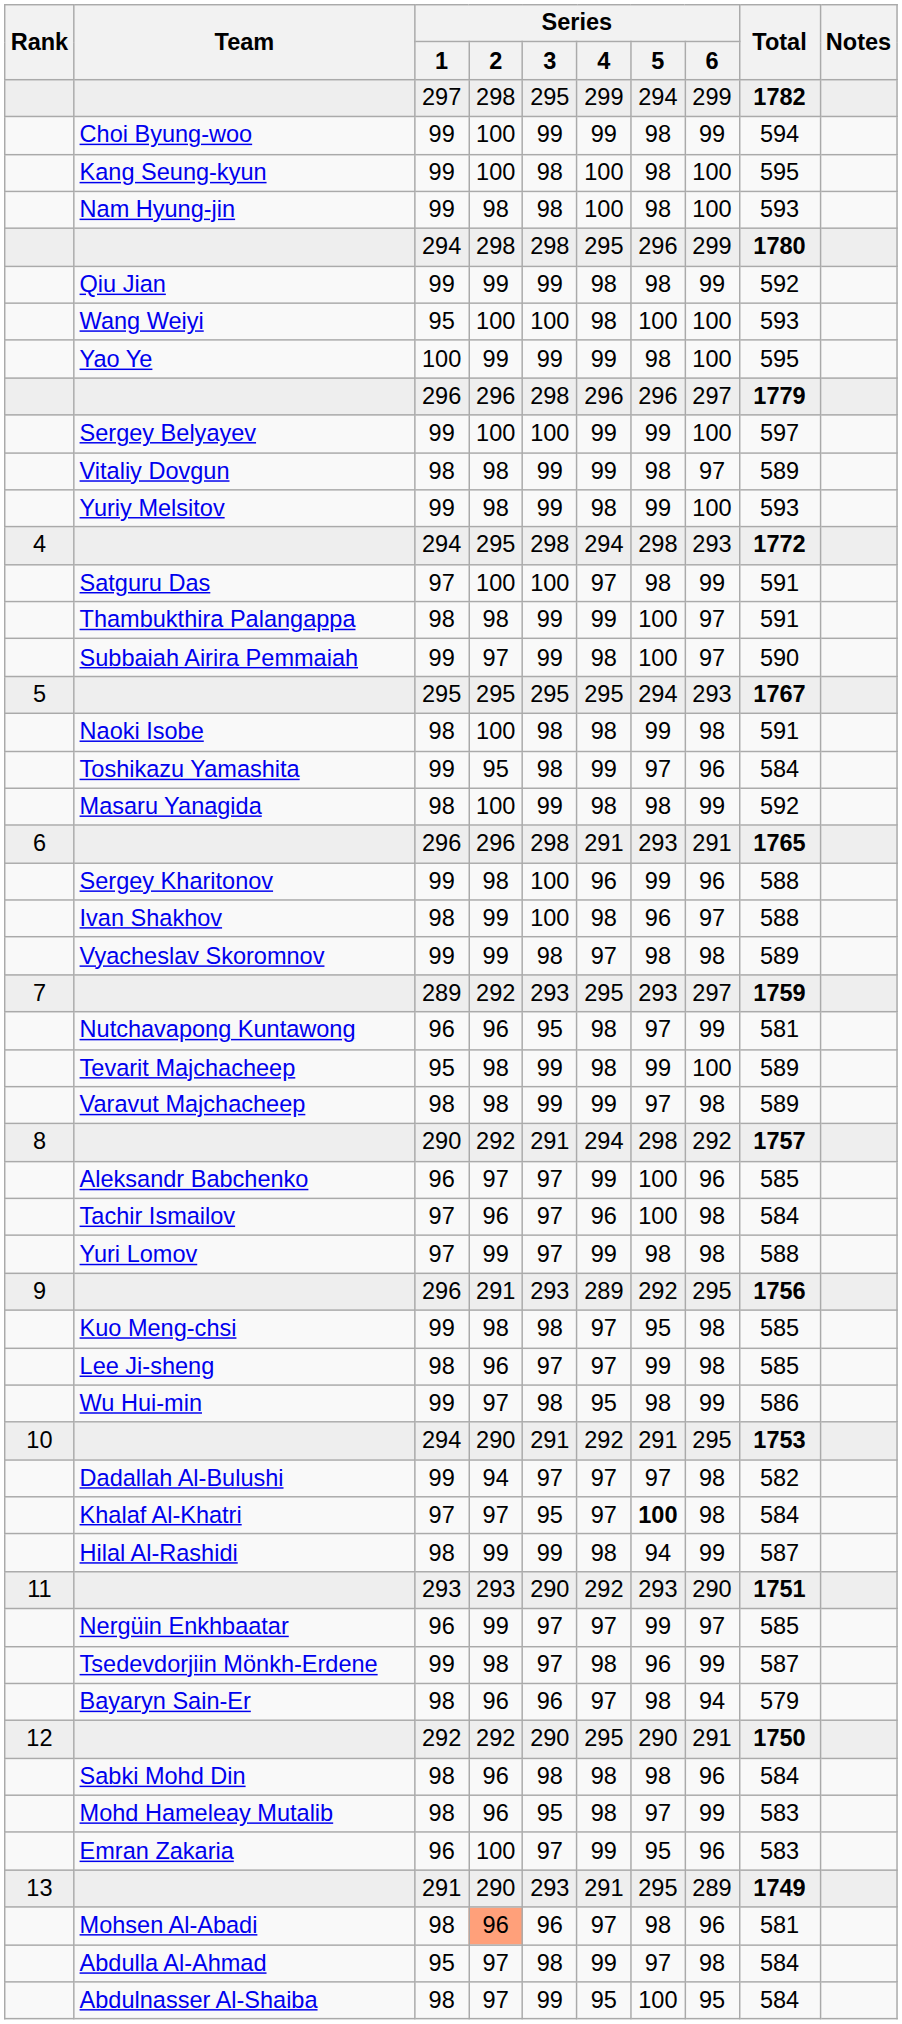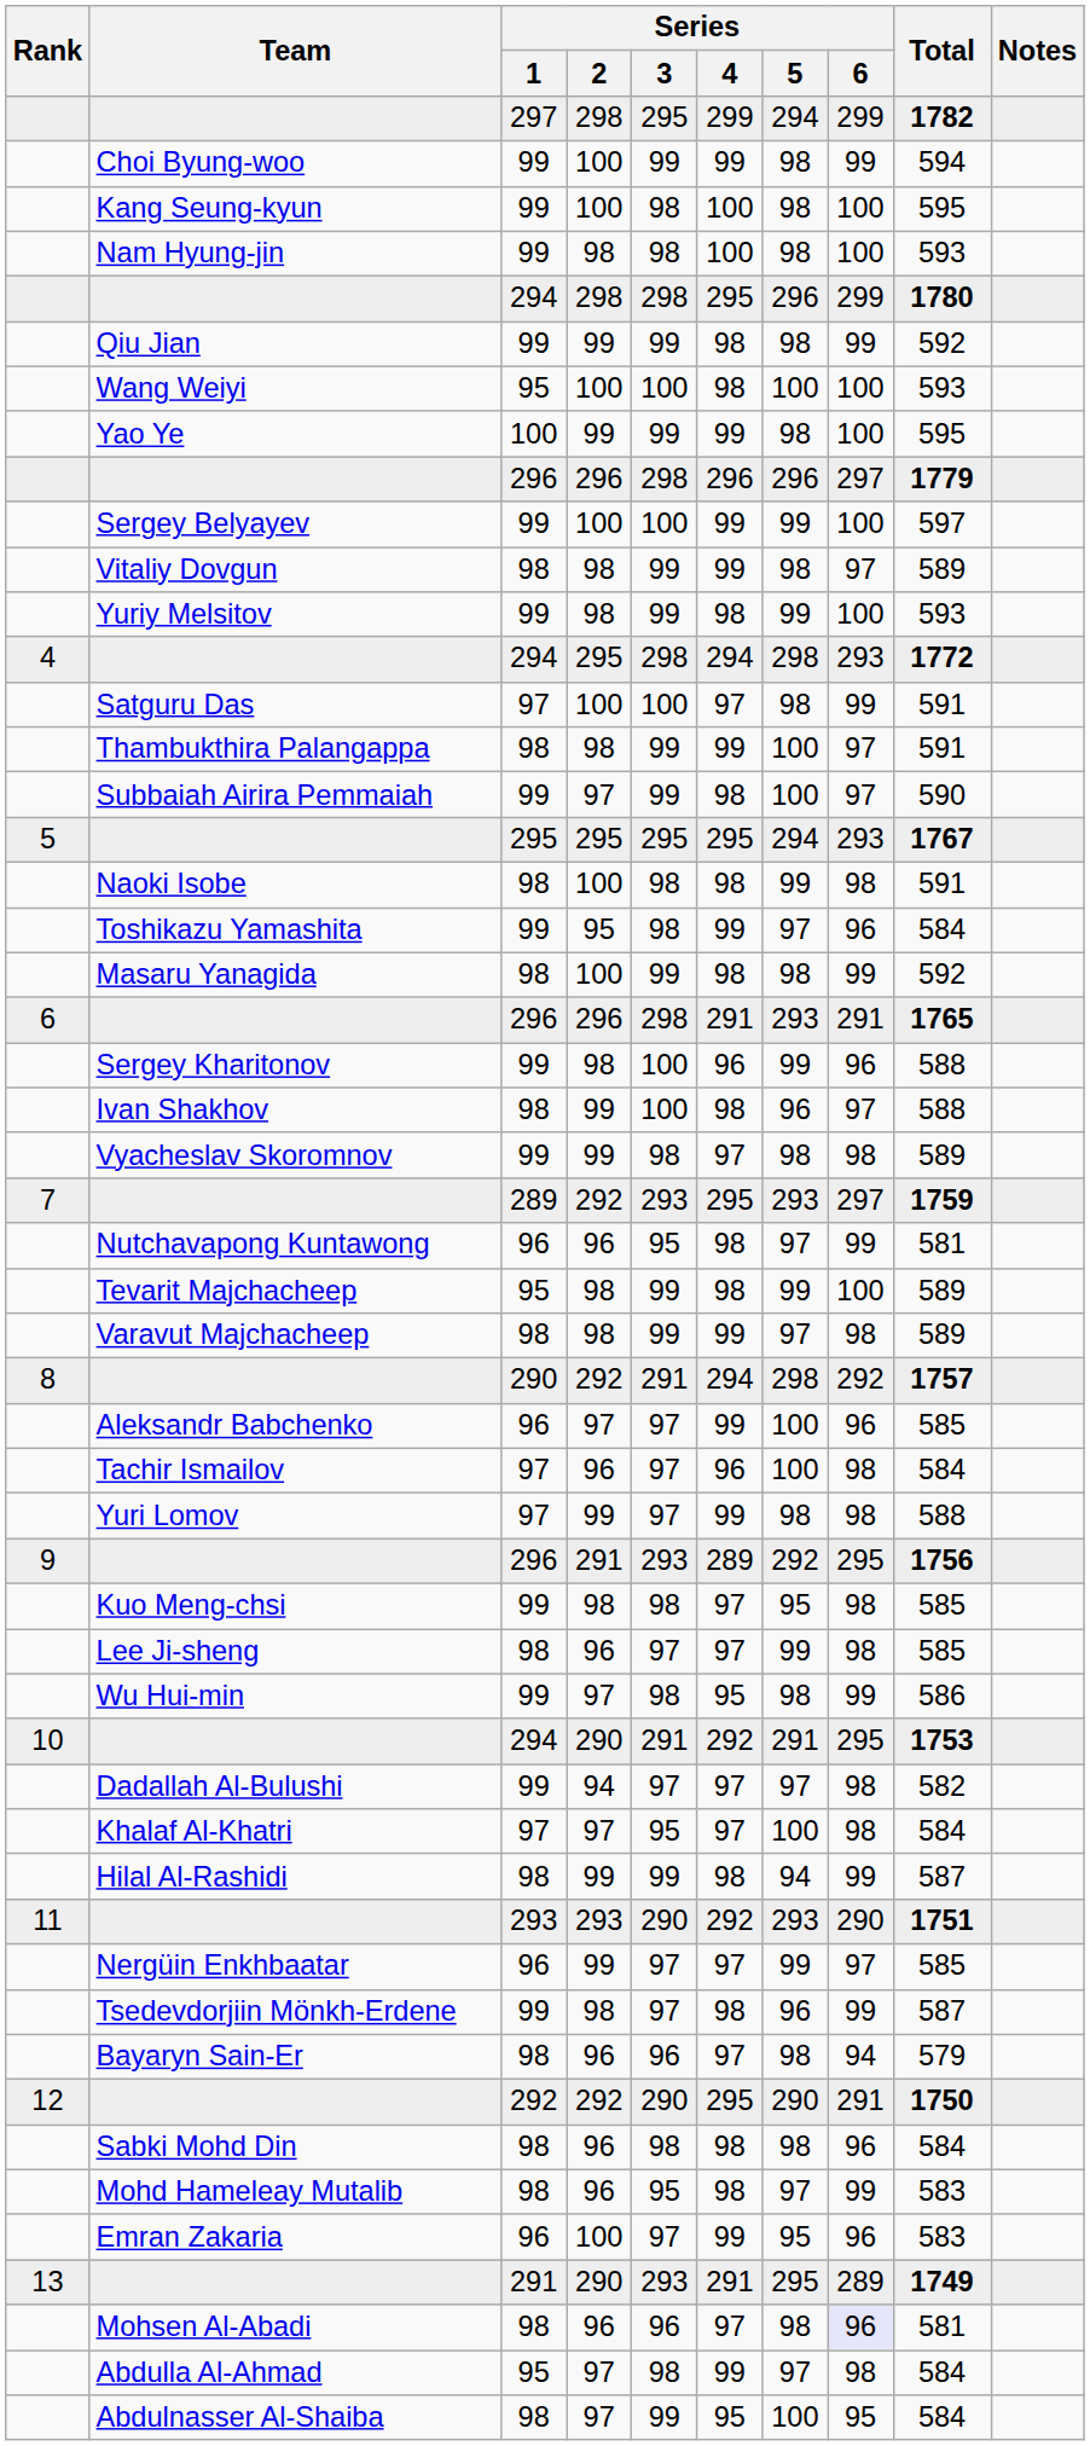 <table class="wikitable" style="text-align:center">
 <tr>
 <th rowspan=2 width=40>Rank</th>
 <th rowspan=2 width=250>Team</th>
 <th colspan=6>Series</th>
 <th rowspan=2 width=50>Total</th>
 <th rowspan=2 width=45>Notes</th>
 </tr>
 <tr>
 <th width=30>1</th>
 <th width=30>2</th>
 <th width=30>3</th>
 <th width=30>4</th>
 <th width=30>5</th>
 <th width=30>6</th>
 </tr>
 <tr bgcolor=eeeeee>
 <td></td>
 <td align=left></td>
 <td>297</td>
 <td>298</td>
 <td>295</td>
 <td>299</td>
 <td>294</td>
 <td>299</td>
 <td><strong>1782</strong></td>
 <td></td>
 </tr>
 <tr>
 <td></td>
 <td align=left><a href='#'>Choi Byung-woo</a></td>
 <td>99</td>
 <td>100</td>
 <td>99</td>
 <td>99</td>
 <td>98</td>
 <td>99</td>
 <td>594</td>
 <td></td>
 </tr>
 <tr>
 <td></td>
 <td align=left><a href='#'>Kang Seung-kyun</a></td>
 <td>99</td>
 <td>100</td>
 <td>98</td>
 <td>100</td>
 <td>98</td>
 <td>100</td>
 <td>595</td>
 <td></td>
 </tr>
 <tr>
 <td></td>
 <td align=left><a href='#'>Nam Hyung-jin</a></td>
 <td>99</td>
 <td>98</td>
 <td>98</td>
 <td>100</td>
 <td>98</td>
 <td>100</td>
 <td>593</td>
 <td></td>
 </tr>
 <tr bgcolor=eeeeee>
 <td></td>
 <td align=left></td>
 <td>294</td>
 <td>298</td>
 <td>298</td>
 <td>295</td>
 <td>296</td>
 <td>299</td>
 <td><strong>1780</strong></td>
 <td></td>
 </tr>
 <tr>
 <td></td>
 <td align=left><a href='#'>Qiu Jian</a></td>
 <td>99</td>
 <td>99</td>
 <td>99</td>
 <td>98</td>
 <td>98</td>
 <td>99</td>
 <td>592</td>
 <td></td>
 </tr>
 <tr>
 <td></td>
 <td align=left><a href='#'>Wang Weiyi</a></td>
 <td>95</td>
 <td>100</td>
 <td>100</td>
 <td>98</td>
 <td>100</td>
 <td>100</td>
 <td>593</td>
 <td></td>
 </tr>
 <tr>
 <td></td>
 <td align=left><a href='#'>Yao Ye</a></td>
 <td>100</td>
 <td>99</td>
 <td>99</td>
 <td>99</td>
 <td>98</td>
 <td>100</td>
 <td>595</td>
 <td></td>
 </tr>
 <tr bgcolor=eeeeee>
 <td></td>
 <td align=left></td>
 <td>296</td>
 <td>296</td>
 <td>298</td>
 <td>296</td>
 <td>296</td>
 <td>297</td>
 <td><strong>1779</strong></td>
 <td></td>
 </tr>
 <tr>
 <td></td>
 <td align=left><a href='#'>Sergey Belyayev</a></td>
 <td>99</td>
 <td>100</td>
 <td>100</td>
 <td>99</td>
 <td>99</td>
 <td>100</td>
 <td>597</td>
 <td></td>
 </tr>
 <tr>
 <td></td>
 <td align=left><a href='#'>Vitaliy Dovgun</a></td>
 <td>98</td>
 <td>98</td>
 <td>99</td>
 <td>99</td>
 <td>98</td>
 <td>97</td>
 <td>589</td>
 <td></td>
 </tr>
 <tr>
 <td></td>
 <td align=left><a href='#'>Yuriy Melsitov</a></td>
 <td>99</td>
 <td>98</td>
 <td>99</td>
 <td>98</td>
 <td>99</td>
 <td>100</td>
 <td>593</td>
 <td></td>
 </tr>
 <tr bgcolor=eeeeee>
 <td>4</td>
 <td align=left></td>
 <td>294</td>
 <td>295</td>
 <td>298</td>
 <td>294</td>
 <td>298</td>
 <td>293</td>
 <td><strong>1772</strong></td>
 <td></td>
 </tr>
 <tr>
 <td></td>
 <td align=left><a href='#'>Satguru Das</a></td>
 <td>97</td>
 <td>100</td>
 <td>100</td>
 <td>97</td>
 <td>98</td>
 <td>99</td>
 <td>591</td>
 <td></td>
 </tr>
 <tr>
 <td></td>
 <td align=left><a href='#'>Thambukthira Palangappa</a></td>
 <td>98</td>
 <td>98</td>
 <td>99</td>
 <td>99</td>
 <td>100</td>
 <td>97</td>
 <td>591</td>
 <td></td>
 </tr>
 <tr>
 <td></td>
 <td align=left><a href='#'>Subbaiah Airira Pemmaiah</a></td>
 <td>99</td>
 <td>97</td>
 <td>99</td>
 <td>98</td>
 <td>100</td>
 <td>97</td>
 <td>590</td>
 <td></td>
 </tr>
 <tr bgcolor=eeeeee>
 <td>5</td>
 <td align=left></td>
 <td>295</td>
 <td>295</td>
 <td>295</td>
 <td>295</td>
 <td>294</td>
 <td>293</td>
 <td><strong>1767</strong></td>
 <td></td>
 </tr>
 <tr>
 <td></td>
 <td align=left><a href='#'>Naoki Isobe</a></td>
 <td>98</td>
 <td>100</td>
 <td>98</td>
 <td>98</td>
 <td>99</td>
 <td>98</td>
 <td>591</td>
 <td></td>
 </tr>
 <tr>
 <td></td>
 <td align=left><a href='#'>Toshikazu Yamashita</a></td>
 <td>99</td>
 <td>95</td>
 <td>98</td>
 <td>99</td>
 <td>97</td>
 <td>96</td>
 <td>584</td>
 <td></td>
 </tr>
 <tr>
 <td></td>
 <td align=left><a href='#'>Masaru Yanagida</a></td>
 <td>98</td>
 <td>100</td>
 <td>99</td>
 <td>98</td>
 <td>98</td>
 <td>99</td>
 <td>592</td>
 <td></td>
 </tr>
 <tr bgcolor=eeeeee>
 <td>6</td>
 <td align=left></td>
 <td>296</td>
 <td>296</td>
 <td>298</td>
 <td>291</td>
 <td>293</td>
 <td>291</td>
 <td><strong>1765</strong></td>
 <td></td>
 </tr>
 <tr>
 <td></td>
 <td align=left><a href='#'>Sergey Kharitonov</a></td>
 <td>99</td>
 <td>98</td>
 <td>100</td>
 <td>96</td>
 <td>99</td>
 <td>96</td>
 <td>588</td>
 <td></td>
 </tr>
 <tr>
 <td></td>
 <td align=left><a href='#'>Ivan Shakhov</a></td>
 <td>98</td>
 <td>99</td>
 <td>100</td>
 <td>98</td>
 <td>96</td>
 <td>97</td>
 <td>588</td>
 <td></td>
 </tr>
 <tr>
 <td></td>
 <td align=left><a href='#'>Vyacheslav Skoromnov</a></td>
 <td>99</td>
 <td>99</td>
 <td>98</td>
 <td>97</td>
 <td>98</td>
 <td>98</td>
 <td>589</td>
 <td></td>
 </tr>
 <tr bgcolor=eeeeee>
 <td>7</td>
 <td align=left></td>
 <td>289</td>
 <td>292</td>
 <td>293</td>
 <td>295</td>
 <td>293</td>
 <td>297</td>
 <td><strong>1759</strong></td>
 <td></td>
 </tr>
 <tr>
 <td></td>
 <td align=left><a href='#'>Nutchavapong Kuntawong</a></td>
 <td>96</td>
 <td>96</td>
 <td>95</td>
 <td>98</td>
 <td>97</td>
 <td>99</td>
 <td>581</td>
 <td></td>
 </tr>
 <tr>
 <td></td>
 <td align=left><a href='#'>Tevarit Majchacheep</a></td>
 <td>95</td>
 <td>98</td>
 <td>99</td>
 <td>98</td>
 <td>99</td>
 <td>100</td>
 <td>589</td>
 <td></td>
 </tr>
 <tr>
 <td></td>
 <td align=left><a href='#'>Varavut Majchacheep</a></td>
 <td>98</td>
 <td>98</td>
 <td>99</td>
 <td>99</td>
 <td>97</td>
 <td>98</td>
 <td>589</td>
 <td></td>
 </tr>
 <tr bgcolor=eeeeee>
 <td>8</td>
 <td align=left></td>
 <td>290</td>
 <td>292</td>
 <td>291</td>
 <td>294</td>
 <td>298</td>
 <td>292</td>
 <td><strong>1757</strong></td>
 <td></td>
 </tr>
 <tr>
 <td></td>
 <td align=left><a href='#'>Aleksandr Babchenko</a></td>
 <td>96</td>
 <td>97</td>
 <td>97</td>
 <td>99</td>
 <td>100</td>
 <td>96</td>
 <td>585</td>
 <td></td>
 </tr>
 <tr>
 <td></td>
 <td align=left><a href='#'>Tachir Ismailov</a></td>
 <td>97</td>
 <td>96</td>
 <td>97</td>
 <td>96</td>
 <td>100</td>
 <td>98</td>
 <td>584</td>
 <td></td>
 </tr>
 <tr>
 <td></td>
 <td align=left><a href='#'>Yuri Lomov</a></td>
 <td>97</td>
 <td>99</td>
 <td>97</td>
 <td>99</td>
 <td>98</td>
 <td>98</td>
 <td>588</td>
 <td></td>
 </tr>
 <tr bgcolor=eeeeee>
 <td>9</td>
 <td align=left></td>
 <td>296</td>
 <td>291</td>
 <td>293</td>
 <td>289</td>
 <td>292</td>
 <td>295</td>
 <td><strong>1756</strong></td>
 <td></td>
 </tr>
 <tr>
 <td></td>
 <td align=left><a href='#'>Kuo Meng-chsi</a></td>
 <td>99</td>
 <td>98</td>
 <td>98</td>
 <td>97</td>
 <td>95</td>
 <td>98</td>
 <td>585</td>
 <td></td>
 </tr>
 <tr>
 <td></td>
 <td align=left><a href='#'>Lee Ji-sheng</a></td>
 <td>98</td>
 <td>96</td>
 <td>97</td>
 <td>97</td>
 <td>99</td>
 <td>98</td>
 <td>585</td>
 <td></td>
 </tr>
 <tr>
 <td></td>
 <td align=left><a href='#'>Wu Hui-min</a></td>
 <td>99</td>
 <td>97</td>
 <td>98</td>
 <td>95</td>
 <td>98</td>
 <td>99</td>
 <td>586</td>
 <td></td>
 </tr>
 <tr bgcolor=eeeeee>
 <td>10</td>
 <td align=left></td>
 <td>294</td>
 <td>290</td>
 <td>291</td>
 <td>292</td>
 <td>291</td>
 <td>295</td>
 <td><strong>1753</strong></td>
 <td></td>
 </tr>
 <tr>
 <td></td>
 <td align=left><a href='#'>Dadallah Al-Bulushi</a></td>
 <td>99</td>
 <td>94</td>
 <td>97</td>
 <td>97</td>
 <td>97</td>
 <td>98</td>
 <td>582</td>
 <td></td>
 </tr>
 <tr>
 <td></td>
 <td align=left><a href='#'>Khalaf Al-Khatri</a></td>
 <td>97</td>
 <td>97</td>
 <td>95</td>
 <td>97</td>
-<td><strong>100</strong></td>
+<td>100</td>
 <td>98</td>
 <td>584</td>
 <td></td>
 </tr>
 <tr>
 <td></td>
 <td align=left><a href='#'>Hilal Al-Rashidi</a></td>
 <td>98</td>
 <td>99</td>
 <td>99</td>
 <td>98</td>
 <td>94</td>
 <td>99</td>
 <td>587</td>
 <td></td>
 </tr>
 <tr bgcolor=eeeeee>
 <td>11</td>
 <td align=left></td>
 <td>293</td>
 <td>293</td>
 <td>290</td>
 <td>292</td>
 <td>293</td>
 <td>290</td>
 <td><strong>1751</strong></td>
 <td></td>
 </tr>
 <tr>
 <td></td>
 <td align=left><a href='#'>Nergüin Enkhbaatar</a></td>
 <td>96</td>
 <td>99</td>
 <td>97</td>
 <td>97</td>
 <td>99</td>
 <td>97</td>
 <td>585</td>
 <td></td>
 </tr>
 <tr>
 <td></td>
 <td align=left><a href='#'>Tsedevdorjiin Mönkh-Erdene</a></td>
 <td>99</td>
 <td>98</td>
 <td>97</td>
 <td>98</td>
 <td>96</td>
 <td>99</td>
 <td>587</td>
 <td></td>
 </tr>
 <tr>
 <td></td>
 <td align=left><a href='#'>Bayaryn Sain-Er</a></td>
 <td>98</td>
 <td>96</td>
 <td>96</td>
 <td>97</td>
 <td>98</td>
 <td>94</td>
 <td>579</td>
 <td></td>
 </tr>
 <tr bgcolor=eeeeee>
 <td>12</td>
 <td align=left></td>
 <td>292</td>
 <td>292</td>
 <td>290</td>
 <td>295</td>
 <td>290</td>
 <td>291</td>
 <td><strong>1750</strong></td>
 <td></td>
 </tr>
 <tr>
 <td></td>
 <td align=left><a href='#'>Sabki Mohd Din</a></td>
 <td>98</td>
 <td>96</td>
 <td>98</td>
 <td>98</td>
 <td>98</td>
 <td>96</td>
 <td>584</td>
 <td></td>
 </tr>
 <tr>
 <td></td>
 <td align=left><a href='#'>Mohd Hameleay Mutalib</a></td>
 <td>98</td>
 <td>96</td>
 <td>95</td>
 <td>98</td>
 <td>97</td>
 <td>99</td>
 <td>583</td>
 <td></td>
 </tr>
 <tr>
 <td></td>
 <td align=left><a href='#'>Emran Zakaria</a></td>
 <td>96</td>
 <td>100</td>
 <td>97</td>
 <td>99</td>
 <td>95</td>
 <td>96</td>
 <td>583</td>
 <td></td>
 </tr>
 <tr bgcolor=eeeeee>
 <td>13</td>
 <td align=left></td>
 <td>291</td>
 <td>290</td>
 <td>293</td>
 <td>291</td>
 <td>295</td>
 <td>289</td>
 <td><strong>1749</strong></td>
 <td></td>
 </tr>
 <tr>
 <td></td>
 <td align=left><a href='#'>Mohsen Al-Abadi</a></td>
 <td>98</td>
-<td style="background: lightsalmon;">96</td>
+<td>96</td>
 <td>96</td>
 <td>97</td>
 <td>98</td>
-<td>96</td>
+<td style="background: lavender;">96</td>
 <td>581</td>
 <td></td>
 </tr>
 <tr>
 <td></td>
 <td align=left><a href='#'>Abdulla Al-Ahmad</a></td>
 <td>95</td>
 <td>97</td>
 <td>98</td>
 <td>99</td>
 <td>97</td>
 <td>98</td>
 <td>584</td>
 <td></td>
 </tr>
 <tr>
 <td></td>
 <td align=left><a href='#'>Abdulnasser Al-Shaiba</a></td>
 <td>98</td>
 <td>97</td>
 <td>99</td>
 <td>95</td>
 <td>100</td>
 <td>95</td>
 <td>584</td>
 <td></td>
 </tr>
 </table>
